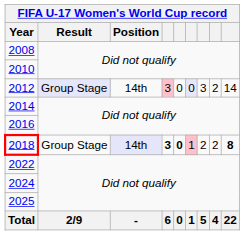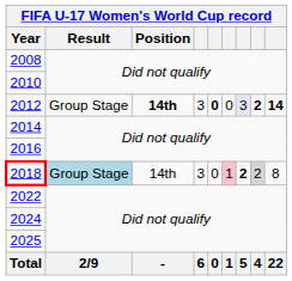 <table class="wikitable" style="text-align: center;">
 <tr>
 <th colspan=9><a href='#'>FIFA U-17 Women's World Cup record</a></th>
 </tr>
 <tr>
 <th>Year</th>
 <th>Result</th>
 <th>Position</th>
 <th></th>
 <th></th>
 <th></th>
 <th></th>
 <th></th>
 <th></th>
 </tr>
 <tr>
 <td> <a href='#'>2008</a></td>
 <td rowspan= 2 colspan=8><em>Did not qualify</em></td>
 </tr>
 <tr>
 <td> <a href='#'>2010</a></td>
 </tr>
 <tr>
 <td> <a href='#'>2012</a></td>
-<td style="background: lavender;">Group Stage</td>
-<td>14th</td>
-<td style="background: pink;">3</td>
+<td>Group Stage</td>
+<td><strong>14th</strong></td>
+<td>3</td>
+<td><strong>0</strong></td>
 <td>0</td>
-<td style="background: lavender;">0</td>
-<td>3</td>
-<td>2</td>
-<td>14</td>
+<td style="background: lavender;">3</td>
+<td><strong>2</strong></td>
+<td><strong>14</strong></td>
 </tr>
 <tr>
 <td> <a href='#'>2014</a></td>
 <td rowspan= 2 colspan=8><em>Did not qualify</em></td>
 </tr>
 <tr>
 <td> <a href='#'>2016</a></td>
 </tr>
 <tr>
 <td style="border: 3px solid red"> <a href='#'>2018</a></td>
-<td>Group Stage</td>
-<td style="background: lavender;">14th</td>
-<td><strong>3</strong></td>
-<td><strong>0</strong></td>
+<td style="background: lightblue;">Group Stage</td>
+<td>14th</td>
+<td>3</td>
+<td>0</td>
 <td style="background: pink;">1</td>
-<td>2</td>
-<td>2</td>
-<td><strong>8</strong></td>
+<td><strong>2</strong></td>
+<td style="background: lightgrey;">2</td>
+<td>8</td>
 </tr>
 <tr>
 <td> <a href='#'>2022</a></td>
 <td rowspan= 3 colspan=8><em>Did not qualify</em></td>
 </tr>
 <tr>
 <td> <a href='#'>2024</a></td>
 </tr>
 <tr>
 <td> <a href='#'>2025</a></td>
 </tr>
 <tr>
 <th><strong>Total</strong></th>
 <th><strong>2/9</strong></th>
 <th><strong>-</strong></th>
 <th><strong>6</strong></th>
 <th><strong>0</strong></th>
 <th><strong>1</strong></th>
 <th><strong>5</strong></th>
 <th><strong>4</strong></th>
 <th><strong>22</strong></th>
 </tr>
 </table>
